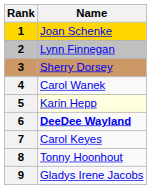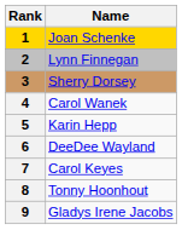 <table class="wikitable">
 <tr>
 <th>Rank</th>
 <th>Name</th>
 </tr>
 <tr bgcolor="gold">
 <td align="center"><strong>1</strong></td>
 <td><a href='#'>Joan Schenke</a></td>
 </tr>
 <tr bgcolor="silver">
 <td align="center"><strong>2</strong></td>
 <td><a href='#'>Lynn Finnegan</a></td>
 </tr>
 <tr bgcolor="cc9966">
 <td align="center"><strong>3</strong></td>
 <td><a href='#'>Sherry Dorsey</a></td>
 </tr>
 <tr>
 <th>4</th>
 <td><a href='#'>Carol Wanek</a></td>
 </tr>
 <tr>
 <th>5</th>
-<td style="background: lightyellow;"><a href='#'>Karin Hepp</a></td>
+<td><a href='#'>Karin Hepp</a></td>
 </tr>
 <tr>
 <th>6</th>
-<td><strong><a href='#'>DeeDee Wayland</a></strong></td>
+<td><a href='#'>DeeDee Wayland</a></td>
 </tr>
 <tr>
 <th>7</th>
 <td><a href='#'>Carol Keyes</a></td>
 </tr>
 <tr>
 <th>8</th>
 <td><a href='#'>Tonny Hoonhout</a></td>
 </tr>
 <tr>
 <th>9</th>
 <td><a href='#'>Gladys Irene Jacobs</a></td>
 </tr>
 </table>
